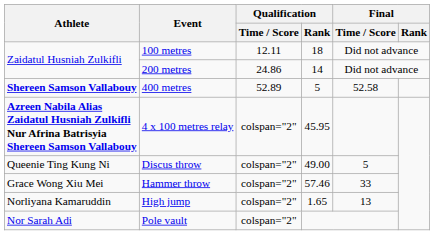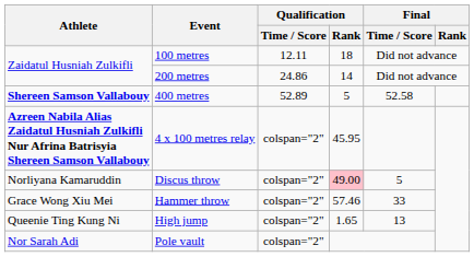 <table class="wikitable" style="font-size:90%;text-align:center">
 <tr>
 <th rowspan="2">Athlete</th>
 <th rowspan="2">Event</th>
 <th colspan="2">Qualification</th>
 <th colspan="2">Final</th>
 </tr>
 <tr>
 <th>Time / Score</th>
 <th>Rank</th>
 <th>Time / Score</th>
 <th>Rank</th>
 </tr>
 <tr>
 <td align="left" rowspan="2"><a href='#'>Zaidatul Husniah Zulkifli</a></td>
 <td align="left"><a href='#'>100 metres</a></td>
 <td>12.11</td>
 <td>18</td>
 <td colspan="2">Did not advance</td>
 </tr>
 <tr>
 <td align="left"><a href='#'>200 metres</a></td>
 <td>24.86</td>
 <td>14</td>
 <td colspan="2">Did not advance</td>
 </tr>
 <tr>
 <td align="left"><strong><a href='#'>Shereen Samson Vallabouy</a></strong></td>
 <td align="left"><a href='#'>400 metres</a></td>
 <td>52.89</td>
 <td>5 <strong></strong></td>
 <td>52.58</td>
 <td></td>
 </tr>
 <tr>
 <td align="left"><strong><a href='#'>Azreen Nabila Alias</a><br><a href='#'>Zaidatul Husniah Zulkifli</a><br>Nur Afrina Batrisyia<br><a href='#'>Shereen Samson Vallabouy</a></strong></td>
 <td align="left"><a href='#'>4 x 100 metres relay</a></td>
 <td>colspan="2" </td>
 <td>45.95 <strong></strong></td>
 <td></td>
 </tr>
 <tr>
-<td align="left">Queenie Ting Kung Ni</td>
+<td align="left">Norliyana Kamaruddin</td>
 <td align="left"><a href='#'>Discus throw</a></td>
 <td>colspan="2" </td>
-<td>49.00</td>
+<td style="background: pink;">49.00</td>
 <td>5</td>
 </tr>
 <tr>
 <td align="left">Grace Wong Xiu Mei</td>
 <td align="left"><a href='#'>Hammer throw</a></td>
 <td>colspan="2" </td>
 <td>57.46</td>
 <td>33</td>
 </tr>
 <tr>
-<td align="left">Norliyana Kamaruddin</td>
+<td align="left">Queenie Ting Kung Ni</td>
 <td align="left"><a href='#'>High jump</a></td>
 <td>colspan="2" </td>
 <td>1.65</td>
 <td>13</td>
 </tr>
 <tr>
 <td align="left"><a href='#'>Nor Sarah Adi</a></td>
 <td align="left"><a href='#'>Pole vault</a></td>
 <td>colspan="2" </td>
 <td colspan="2"><strong></strong></td>
 </tr>
 </table>
